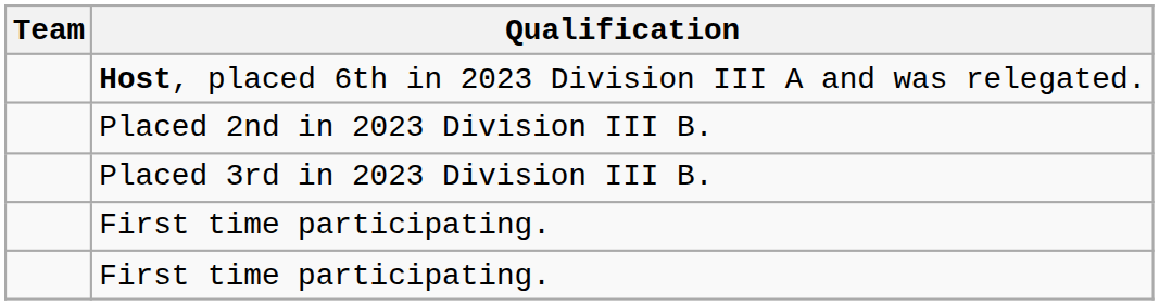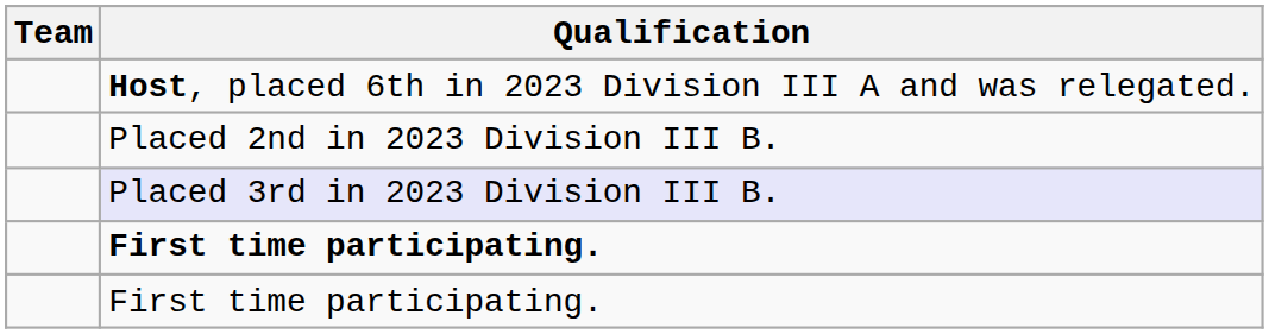 <table class="wikitable">
 <tr>
 <th>Team</th>
 <th>Qualification</th>
 </tr>
 <tr>
 <td></td>
 <td><strong>Host</strong>, placed 6th in 2023 Division III A and was relegated.</td>
 </tr>
 <tr>
 <td></td>
 <td>Placed 2nd in 2023 Division III B.</td>
 </tr>
 <tr>
 <td></td>
-<td>Placed 3rd in 2023 Division III B.</td>
+<td style="background: lavender;">Placed 3rd in 2023 Division III B.</td>
 </tr>
 <tr>
 <td></td>
-<td>First time participating.</td>
+<td><strong>First time participating.</strong></td>
 </tr>
 <tr>
 <td></td>
 <td>First time participating.</td>
 </tr>
 </table>
